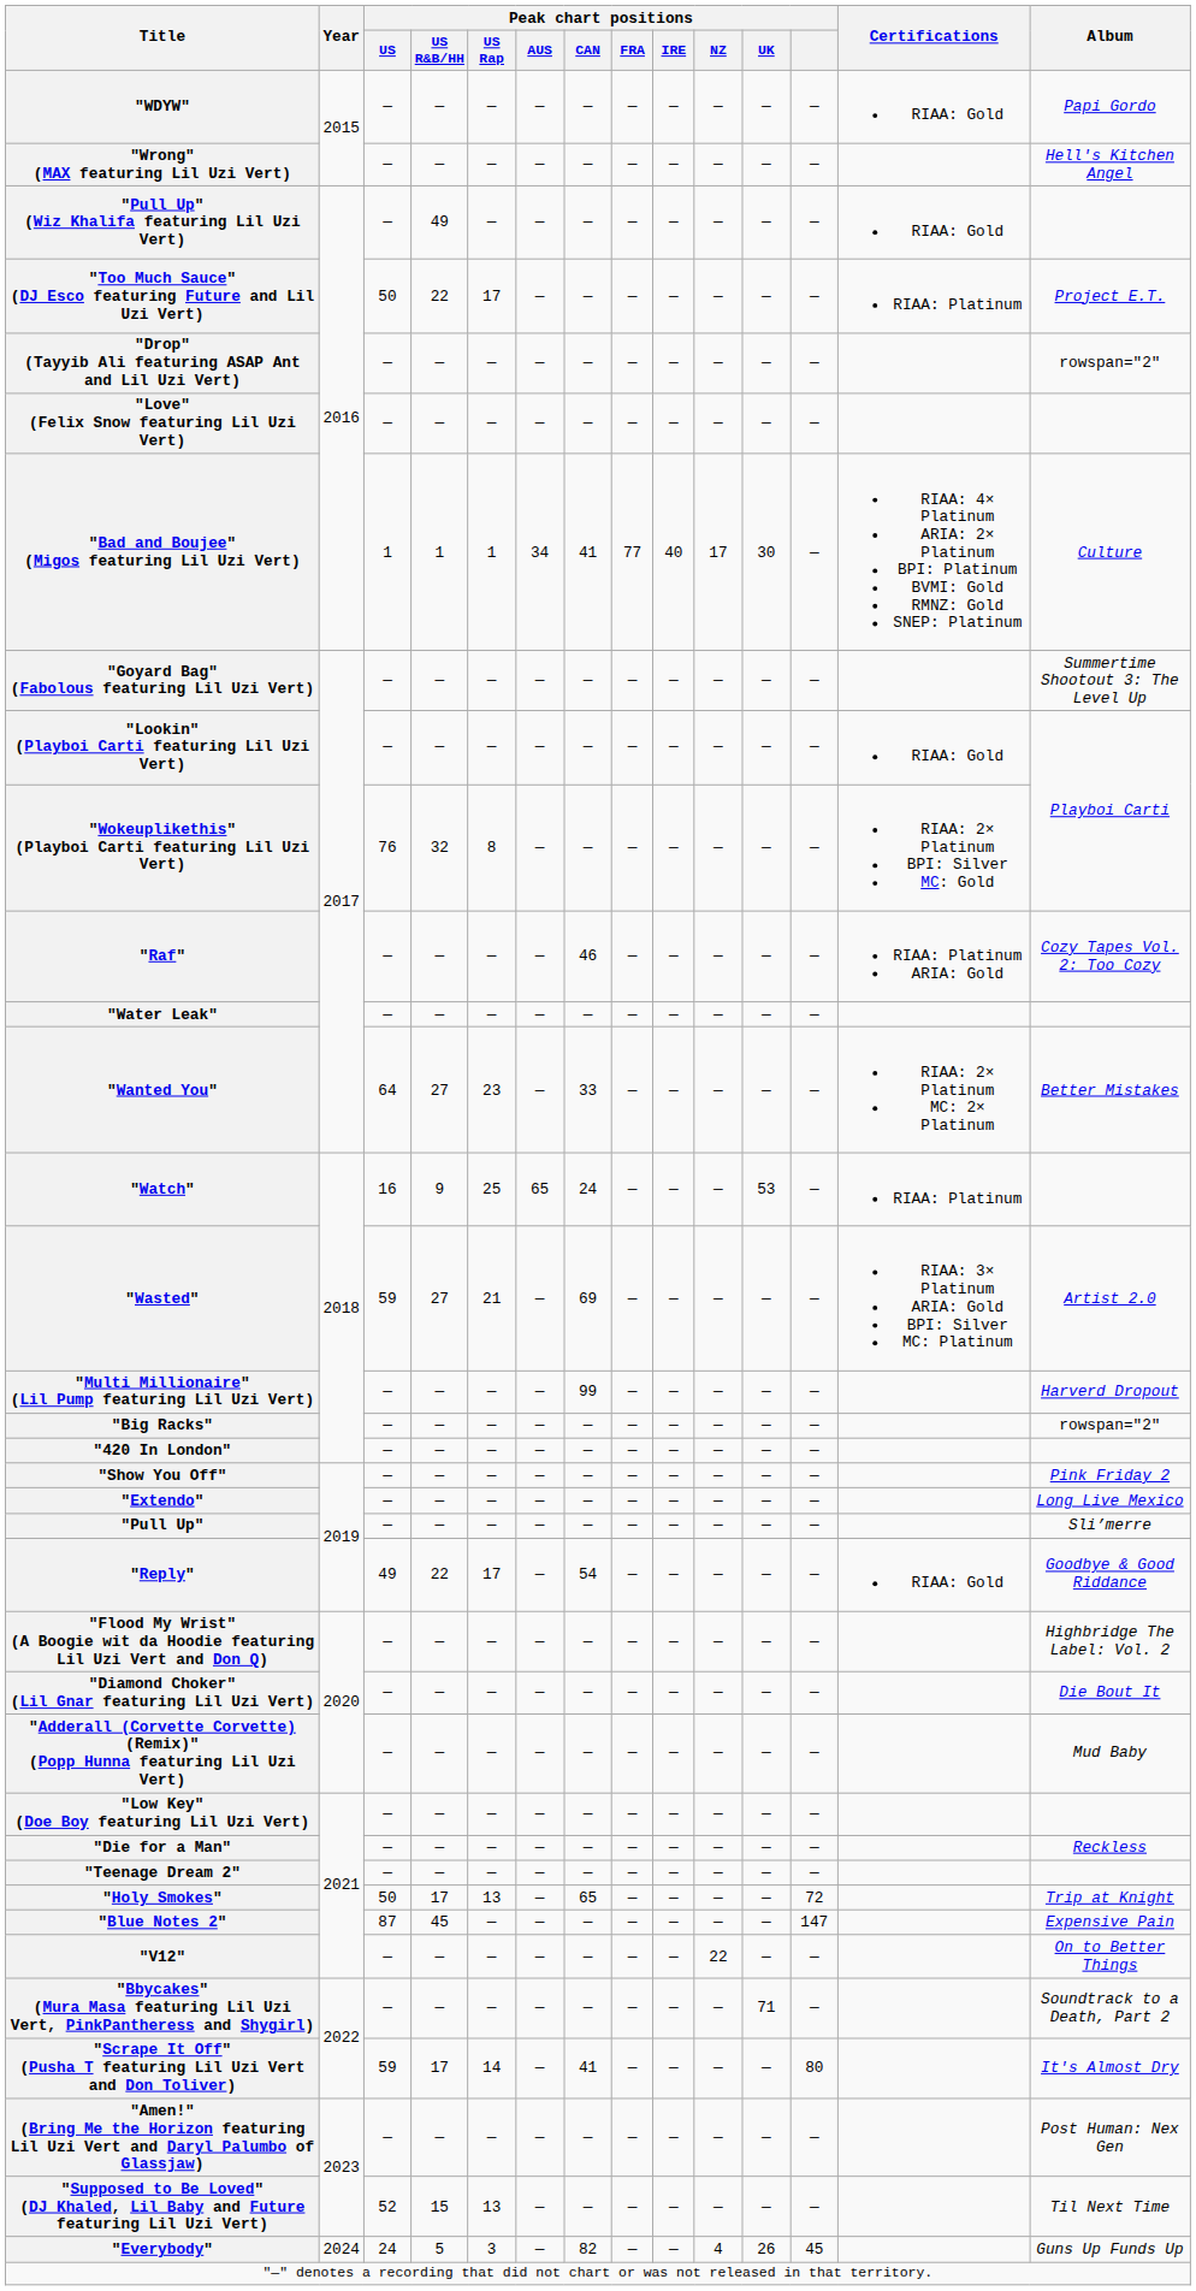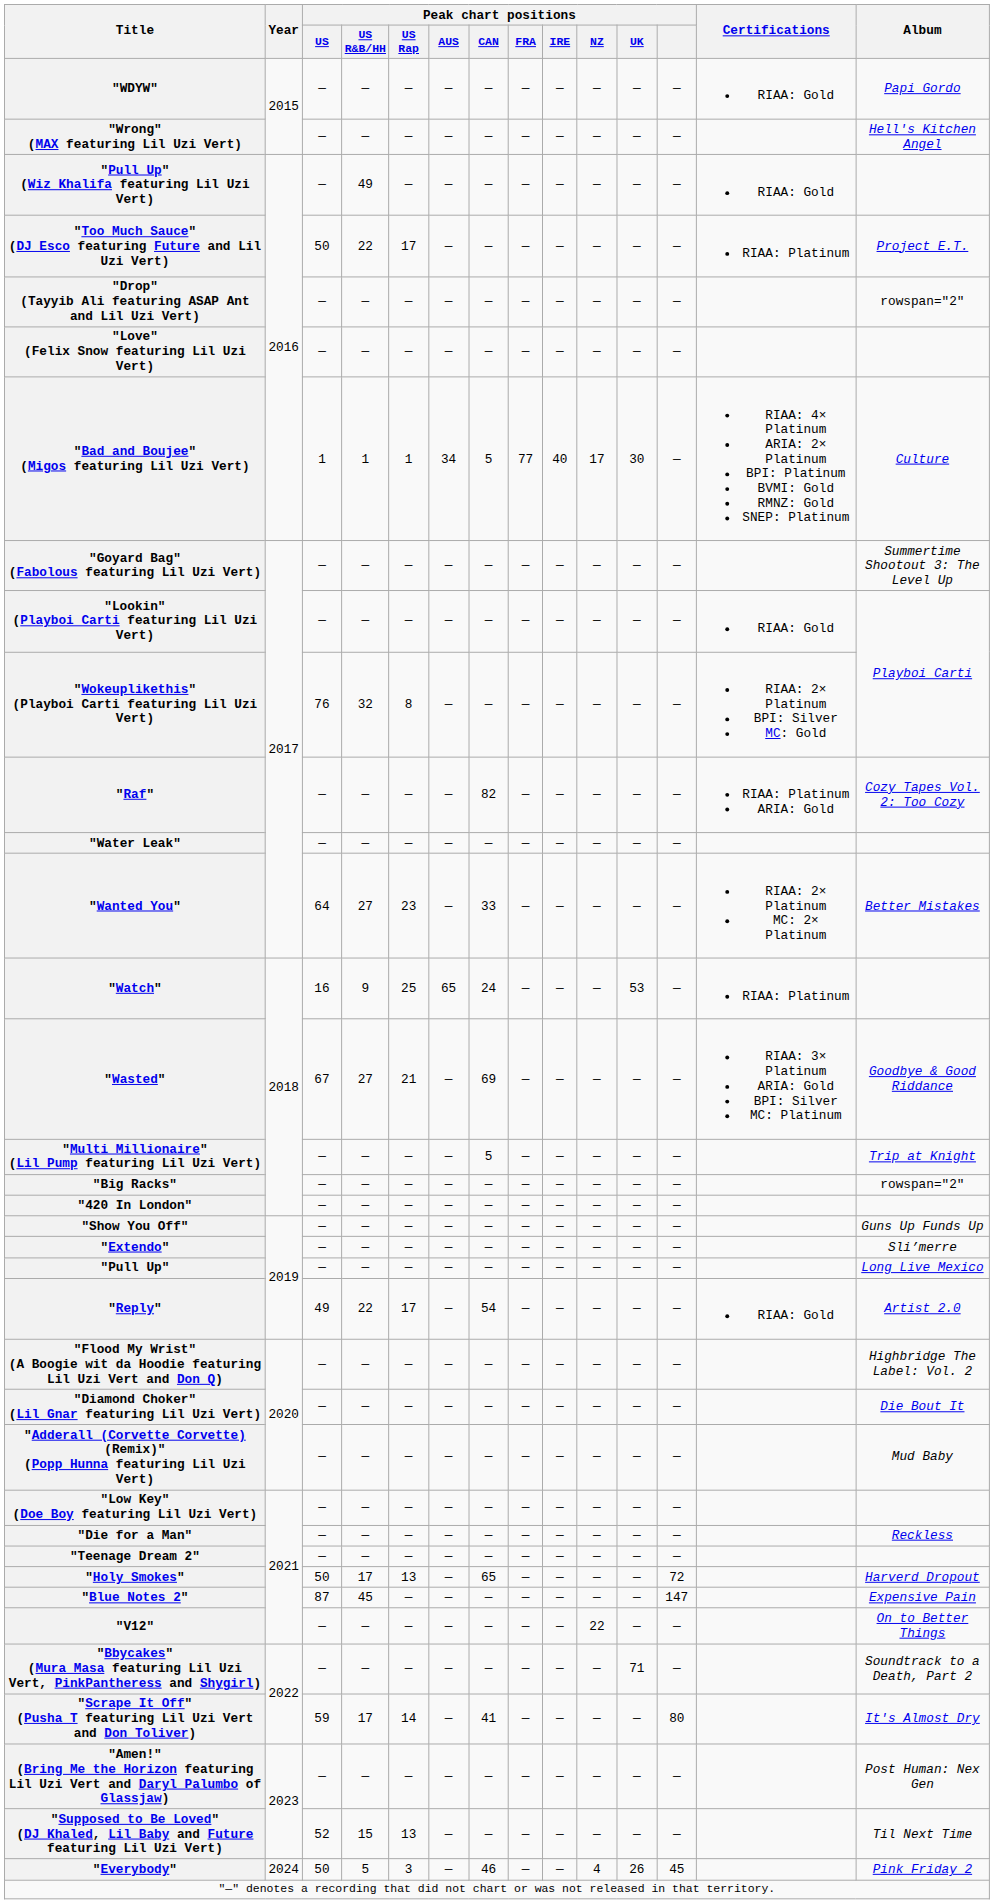 <table class="wikitable plainrowheaders" style="text-align:center;">
 <tr>
 <th scope="col" rowspan="2" style="width:20em;">Title</th>
 <th scope="col" rowspan="2" style="width:1em;">Year</th>
 <th scope="col" colspan="10">Peak chart positions</th>
 <th scope="col" rowspan="2" style="width:12em;"><a href='#'>Certifications</a></th>
 <th scope="col" rowspan="2" style="width:10em;">Album</th>
 </tr>
 <tr>
 <th scope="col" style="width:3em;font-size:90%;"><a href='#'>US</a><br></th>
 <th scope="col" style="width:3em;font-size:90%;"><a href='#'>US R&B/HH</a><br></th>
 <th scope="col" style="width:3em;font-size:90%;"><a href='#'>US<br>Rap</a><br></th>
 <th scope="col" style="width:3em;font-size:90%;"><a href='#'>AUS</a><br></th>
 <th scope="col" style="width:3em;font-size:90%;"><a href='#'>CAN</a><br></th>
 <th scope="col" style="width:2.5em;font-size:90%;"><a href='#'>FRA</a><br></th>
 <th scope="col" style="width:2.5em;font-size:90%;"><a href='#'>IRE</a><br></th>
 <th scope="col" style="width:3em;font-size:90%;"><a href='#'>NZ</a><br></th>
 <th scope="col" style="width:3em;font-size:90%;"><a href='#'>UK</a><br></th>
 <th scope="col" style="width:3em;font-size:90%;"><a href='#'></a><br></th>
 </tr>
 <tr>
 <th scope="row">"WDYW"<br></th>
 <td rowspan="2">2015</td>
 <td>—</td>
 <td>—</td>
 <td>—</td>
 <td>—</td>
 <td>—</td>
 <td>—</td>
 <td>—</td>
 <td>—</td>
 <td>—</td>
 <td>—</td>
 <td><br><ul><li>RIAA: Gold</li></ul></td>
 <td><em><a href='#'>Papi Gordo</a></em></td>
 </tr>
 <tr>
 <th scope="row">"Wrong"<br><span>(<a href='#'>MAX</a> featuring Lil Uzi Vert)</span></th>
 <td>—</td>
 <td>—</td>
 <td>—</td>
 <td>—</td>
 <td>—</td>
 <td>—</td>
 <td>—</td>
 <td>—</td>
 <td>—</td>
 <td>—</td>
 <td></td>
 <td><em><a href='#'>Hell's Kitchen Angel</a></em></td>
 </tr>
 <tr>
 <th scope="row">"<a href='#'>Pull Up</a>"<br><span>(<a href='#'>Wiz Khalifa</a> featuring Lil Uzi Vert)</span></th>
 <td rowspan="5">2016</td>
 <td>—</td>
 <td>49</td>
 <td>—</td>
 <td>—</td>
 <td>—</td>
 <td>—</td>
 <td>—</td>
 <td>—</td>
 <td>—</td>
 <td>—</td>
 <td><br><ul><li>RIAA: Gold</li></ul></td>
 <td></td>
 </tr>
 <tr>
 <th scope="row">"<a href='#'>Too Much Sauce</a>"<br><span>(<a href='#'>DJ Esco</a> featuring <a href='#'>Future</a> and Lil Uzi Vert)</span></th>
 <td>50</td>
 <td>22</td>
 <td>17</td>
 <td>—</td>
 <td>—</td>
 <td>—</td>
 <td>—</td>
 <td>—</td>
 <td>—</td>
 <td>—</td>
 <td><br><ul><li>RIAA: Platinum</li></ul></td>
 <td><em><a href='#'>Project E.T.</a></em></td>
 </tr>
 <tr>
 <th scope="row">"Drop"<br><span>(Tayyib Ali featuring ASAP Ant and Lil Uzi Vert)</span></th>
 <td>—</td>
 <td>—</td>
 <td>—</td>
 <td>—</td>
 <td>—</td>
 <td>—</td>
 <td>—</td>
 <td>—</td>
 <td>—</td>
 <td>—</td>
 <td></td>
 <td>rowspan="2" </td>
 </tr>
 <tr>
 <th scope="row">"Love"<br><span>(Felix Snow featuring Lil Uzi Vert)</span></th>
 <td>—</td>
 <td>—</td>
 <td>—</td>
 <td>—</td>
 <td>—</td>
 <td>—</td>
 <td>—</td>
 <td>—</td>
 <td>—</td>
 <td>—</td>
 <td></td>
 </tr>
 <tr>
 <th scope="row">"<a href='#'>Bad and Boujee</a>"<br><span>(<a href='#'>Migos</a> featuring Lil Uzi Vert)</span></th>
 <td>1</td>
 <td>1</td>
 <td>1</td>
 <td>34</td>
-<td>41</td>
+<td>5</td>
 <td>77</td>
 <td>40</td>
 <td>17</td>
 <td>30</td>
 <td>—</td>
 <td><br><ul><li>RIAA: 4× Platinum</li><li>ARIA: 2× Platinum</li><li>BPI: Platinum</li><li>BVMI: Gold</li><li>RMNZ: Gold</li><li>SNEP: Platinum</li></ul></td>
 <td><em><a href='#'>Culture</a></em></td>
 </tr>
 <tr>
 <th scope="row">"Goyard Bag"<br><span>(<a href='#'>Fabolous</a> featuring Lil Uzi Vert)</span></th>
 <td rowspan="6">2017</td>
 <td>—</td>
 <td>—</td>
 <td>—</td>
 <td>—</td>
 <td>—</td>
 <td>—</td>
 <td>—</td>
 <td>—</td>
 <td>—</td>
 <td>—</td>
 <td></td>
 <td><em>Summertime Shootout 3: The Level Up</em></td>
 </tr>
 <tr>
 <th scope="row">"Lookin"<br><span>(<a href='#'>Playboi Carti</a> featuring Lil Uzi Vert)</span></th>
 <td>—</td>
 <td>—</td>
 <td>—</td>
 <td>—</td>
 <td>—</td>
 <td>—</td>
 <td>—</td>
 <td>—</td>
 <td>—</td>
 <td>—</td>
 <td><br><ul><li>RIAA: Gold</li></ul></td>
 <td rowspan="2"><em><a href='#'>Playboi Carti</a></em></td>
 </tr>
 <tr>
 <th scope="row">"<a href='#'>Wokeuplikethis</a>"<br><span>(Playboi Carti featuring Lil Uzi Vert)</span></th>
 <td>76</td>
 <td>32</td>
 <td>8</td>
 <td>—</td>
 <td>—</td>
 <td>—</td>
 <td>—</td>
 <td>—</td>
 <td>—</td>
 <td>—</td>
 <td><br><ul><li>RIAA: 2× Platinum</li><li>BPI: Silver</li><li><a href='#'>MC</a>: Gold</li></ul></td>
 </tr>
 <tr>
 <th scope="row">"<a href='#'>Raf</a>"<br></th>
 <td>—</td>
 <td>—</td>
 <td>—</td>
 <td>—</td>
-<td>46</td>
+<td>82</td>
 <td>—</td>
 <td>—</td>
 <td>—</td>
 <td>—</td>
 <td>—</td>
 <td><br><ul><li>RIAA: Platinum</li><li>ARIA: Gold</li></ul></td>
 <td><em><a href='#'>Cozy Tapes Vol. 2: Too Cozy</a></em></td>
 </tr>
 <tr>
 <th scope="row">"Water Leak"<br></th>
 <td>—</td>
 <td>—</td>
 <td>—</td>
 <td>—</td>
 <td>—</td>
 <td>—</td>
 <td>—</td>
 <td>—</td>
 <td>—</td>
 <td>—</td>
 <td></td>
 <td></td>
 </tr>
 <tr>
 <th scope="row">"<a href='#'>Wanted You</a>"<br></th>
 <td>64</td>
 <td>27</td>
 <td>23</td>
 <td>—</td>
 <td>33</td>
 <td>—</td>
 <td>—</td>
 <td>—</td>
 <td>—</td>
 <td>—</td>
 <td><br><ul><li>RIAA: 2× Platinum</li><li>MC: 2× Platinum</li></ul></td>
 <td><em><a href='#'>Better Mistakes</a></em></td>
 </tr>
 <tr>
 <th scope="row">"<a href='#'>Watch</a>"<br></th>
 <td rowspan="5">2018</td>
 <td>16</td>
 <td>9</td>
 <td>25</td>
 <td>65</td>
 <td>24</td>
 <td>—</td>
 <td>—</td>
 <td>—</td>
 <td>53</td>
 <td>—</td>
 <td><br><ul><li>RIAA: Platinum</li></ul></td>
 <td></td>
 </tr>
 <tr>
 <th scope="row">"<a href='#'>Wasted</a>"<br></th>
-<td>59</td>
+<td>67</td>
 <td>27</td>
 <td>21</td>
 <td>—</td>
 <td>69</td>
 <td>—</td>
 <td>—</td>
 <td>—</td>
 <td>—</td>
 <td>—</td>
 <td><br><ul><li>RIAA: 3× Platinum</li><li>ARIA: Gold</li><li>BPI: Silver</li><li>MC: Platinum</li></ul></td>
-<td><em><a href='#'>Artist 2.0</a></em></td>
+<td><em><a href='#'>Goodbye & Good Riddance</a></em></td>
 </tr>
 <tr>
 <th scope="row">"<a href='#'>Multi Millionaire</a>"<br><span>(<a href='#'>Lil Pump</a> featuring Lil Uzi Vert)</span></th>
 <td>—</td>
 <td>—</td>
 <td>—</td>
 <td>—</td>
-<td>99</td>
+<td>5</td>
 <td>—</td>
 <td>—</td>
 <td>—</td>
 <td>—</td>
 <td>—</td>
 <td></td>
-<td><em><a href='#'>Harverd Dropout</a></em></td>
+<td><em><a href='#'>Trip at Knight</a></em></td>
 </tr>
 <tr>
 <th scope="row">"Big Racks"<br></th>
 <td>—</td>
 <td>—</td>
 <td>—</td>
 <td>—</td>
 <td>—</td>
 <td>—</td>
 <td>—</td>
 <td>—</td>
 <td>—</td>
 <td>—</td>
 <td></td>
 <td>rowspan="2" </td>
 </tr>
 <tr>
 <th scope="row">"420 In London"<br></th>
 <td>—</td>
 <td>—</td>
 <td>—</td>
 <td>—</td>
 <td>—</td>
 <td>—</td>
 <td>—</td>
 <td>—</td>
 <td>—</td>
 <td>—</td>
 <td></td>
 </tr>
 <tr>
 <th scope="row">"Show You Off"<br></th>
 <td rowspan="4">2019</td>
 <td>—</td>
 <td>—</td>
 <td>—</td>
 <td>—</td>
 <td>—</td>
 <td>—</td>
 <td>—</td>
 <td>—</td>
 <td>—</td>
 <td>—</td>
 <td></td>
-<td><em><a href='#'>Pink Friday 2</a></em></td>
+<td><em>Guns Up Funds Up</em></td>
 </tr>
 <tr>
 <th scope="row">"<a href='#'>Extendo</a>"<br></th>
 <td>—</td>
 <td>—</td>
 <td>—</td>
 <td>—</td>
 <td>—</td>
 <td>—</td>
 <td>—</td>
 <td>—</td>
 <td>—</td>
 <td>—</td>
 <td></td>
-<td><em><a href='#'>Long Live Mexico</a></em></td>
+<td><em>Sli’merre</em></td>
 </tr>
 <tr>
 <th scope="row">"Pull Up"<br></th>
 <td>—</td>
 <td>—</td>
 <td>—</td>
 <td>—</td>
 <td>—</td>
 <td>—</td>
 <td>—</td>
 <td>—</td>
 <td>—</td>
 <td>—</td>
 <td></td>
-<td><em>Sli’merre</em></td>
+<td><em><a href='#'>Long Live Mexico</a></em></td>
 </tr>
 <tr>
 <th scope="row">"<a href='#'>Reply</a>"<br></th>
 <td>49</td>
 <td>22</td>
 <td>17</td>
 <td>—</td>
 <td>54</td>
 <td>—</td>
 <td>—</td>
 <td>—</td>
 <td>—</td>
 <td>—</td>
 <td><br><ul><li>RIAA: Gold</li></ul></td>
-<td><em><a href='#'>Goodbye & Good Riddance</a></em></td>
+<td><em><a href='#'>Artist 2.0</a></em></td>
 </tr>
 <tr>
 <th scope="row">"Flood My Wrist"<br><span>(A Boogie wit da Hoodie featuring Lil Uzi Vert and <a href='#'>Don Q</a>)</span></th>
 <td rowspan="3">2020</td>
 <td>—</td>
 <td>—</td>
 <td>—</td>
 <td>—</td>
 <td>—</td>
 <td>—</td>
 <td>—</td>
 <td>—</td>
 <td>—</td>
 <td>—</td>
 <td></td>
 <td><em>Highbridge The Label: Vol. 2</em></td>
 </tr>
 <tr>
 <th scope="row">"Diamond Choker"<br><span>(<a href='#'>Lil Gnar</a> featuring Lil Uzi Vert)</span></th>
 <td>—</td>
 <td>—</td>
 <td>—</td>
 <td>—</td>
 <td>—</td>
 <td>—</td>
 <td>—</td>
 <td>—</td>
 <td>—</td>
 <td>—</td>
 <td></td>
 <td><em><a href='#'>Die Bout It</a></em></td>
 </tr>
 <tr>
 <th scope="row">"<a href='#'>Adderall (Corvette Corvette)</a> (Remix)"<br><span>(<a href='#'>Popp Hunna</a> featuring Lil Uzi Vert)</span></th>
 <td>—</td>
 <td>—</td>
 <td>—</td>
 <td>—</td>
 <td>—</td>
 <td>—</td>
 <td>—</td>
 <td>—</td>
 <td>—</td>
 <td>—</td>
 <td></td>
 <td><em>Mud Baby</em></td>
 </tr>
 <tr>
 <th scope="row">"Low Key"<br><span>(<a href='#'>Doe Boy</a> featuring Lil Uzi Vert)</span></th>
 <td rowspan="6">2021</td>
 <td>—</td>
 <td>—</td>
 <td>—</td>
 <td>—</td>
 <td>—</td>
 <td>—</td>
 <td>—</td>
 <td>—</td>
 <td>—</td>
 <td>—</td>
 <td></td>
 <td></td>
 </tr>
 <tr>
 <th scope="row">"Die for a Man"<br></th>
 <td>—</td>
 <td>—</td>
 <td>—</td>
 <td>—</td>
 <td>—</td>
 <td>—</td>
 <td>—</td>
 <td>—</td>
 <td>—</td>
 <td>—</td>
 <td></td>
 <td><em><a href='#'>Reckless</a></em></td>
 </tr>
 <tr>
 <th scope="row">"Teenage Dream 2"<br></th>
 <td>—</td>
 <td>—</td>
 <td>—</td>
 <td>—</td>
 <td>—</td>
 <td>—</td>
 <td>—</td>
 <td>—</td>
 <td>—</td>
 <td>—</td>
 <td></td>
 <td></td>
 </tr>
 <tr>
 <th scope="row">"<a href='#'>Holy Smokes</a>"<br></th>
 <td>50</td>
 <td>17</td>
 <td>13</td>
 <td>—</td>
 <td>65</td>
 <td>—</td>
 <td>—</td>
 <td>—</td>
 <td>—</td>
 <td>72</td>
 <td></td>
-<td><em><a href='#'>Trip at Knight</a></em></td>
+<td><em><a href='#'>Harverd Dropout</a></em></td>
 </tr>
 <tr>
 <th scope="row">"<a href='#'>Blue Notes 2</a>" <br></th>
 <td>87</td>
 <td>45</td>
 <td>―</td>
 <td>—</td>
 <td>―</td>
 <td>—</td>
 <td>—</td>
 <td>—</td>
 <td>—</td>
 <td>147</td>
 <td></td>
 <td><em><a href='#'>Expensive Pain</a></em></td>
 </tr>
 <tr>
 <th scope="row">"V12"<br></th>
 <td>—</td>
 <td>—</td>
 <td>—</td>
 <td>—</td>
 <td>—</td>
 <td>—</td>
 <td>—</td>
 <td>22</td>
 <td>—</td>
 <td>—</td>
 <td></td>
 <td><em><a href='#'>On to Better Things</a></em></td>
 </tr>
 <tr>
 <th scope="row">"<a href='#'>Bbycakes</a>"<br><span>(<a href='#'>Mura Masa</a> featuring Lil Uzi Vert, <a href='#'>PinkPantheress</a> and <a href='#'>Shygirl</a>)</span></th>
 <td rowspan="2">2022</td>
 <td>—</td>
 <td>—</td>
 <td>—</td>
 <td>—</td>
 <td>—</td>
 <td>—</td>
 <td>—</td>
 <td>—</td>
 <td>71</td>
 <td>—</td>
 <td></td>
 <td><em>Soundtrack to a Death, Part 2</em></td>
 </tr>
 <tr>
 <th scope="row">"<a href='#'>Scrape It Off</a>"<br><span>(<a href='#'>Pusha T</a> featuring Lil Uzi Vert and <a href='#'>Don Toliver</a>)</span></th>
 <td>59</td>
 <td>17</td>
 <td>14</td>
 <td>—</td>
 <td>41</td>
 <td>—</td>
 <td>—</td>
 <td>—</td>
 <td>—</td>
 <td>80</td>
 <td></td>
 <td><em><a href='#'>It's Almost Dry</a></em></td>
 </tr>
 <tr>
 <th scope="row">"Amen!"<br><span>(<a href='#'>Bring Me the Horizon</a> featuring Lil Uzi Vert and <a href='#'>Daryl Palumbo</a> of <a href='#'>Glassjaw</a>)</span></th>
 <td rowspan="2">2023</td>
 <td>—</td>
 <td>—</td>
 <td>—</td>
 <td>—</td>
 <td>—</td>
 <td>—</td>
 <td>—</td>
 <td>—</td>
 <td>—</td>
 <td>—</td>
 <td></td>
 <td><em>Post Human: Nex Gen</em></td>
 </tr>
 <tr>
 <th scope="row">"<a href='#'>Supposed to Be Loved</a>"<br><span>(<a href='#'>DJ Khaled</a>, <a href='#'>Lil Baby</a> and <a href='#'>Future</a> featuring Lil Uzi Vert)</span></th>
 <td>52</td>
 <td>15</td>
 <td>13</td>
 <td>—</td>
 <td>—</td>
 <td>—</td>
 <td>—</td>
 <td>—</td>
 <td>—</td>
 <td>—</td>
 <td></td>
 <td><em>Til Next Time</em></td>
 </tr>
 <tr>
 <th scope="row">"<a href='#'>Everybody</a>"<br></th>
 <td>2024</td>
-<td>24</td>
+<td>50</td>
 <td>5</td>
 <td>3</td>
 <td>—</td>
-<td>82</td>
+<td>46</td>
 <td>—</td>
 <td>—</td>
 <td>4</td>
 <td>26</td>
 <td>45</td>
 <td></td>
-<td><em>Guns Up Funds Up</em></td>
+<td><em><a href='#'>Pink Friday 2</a></em></td>
 </tr>
 <tr>
 <td colspan="14" style="font-size:90%">"—" denotes a recording that did not chart or was not released in that territory.</td>
 </tr>
 </table>
